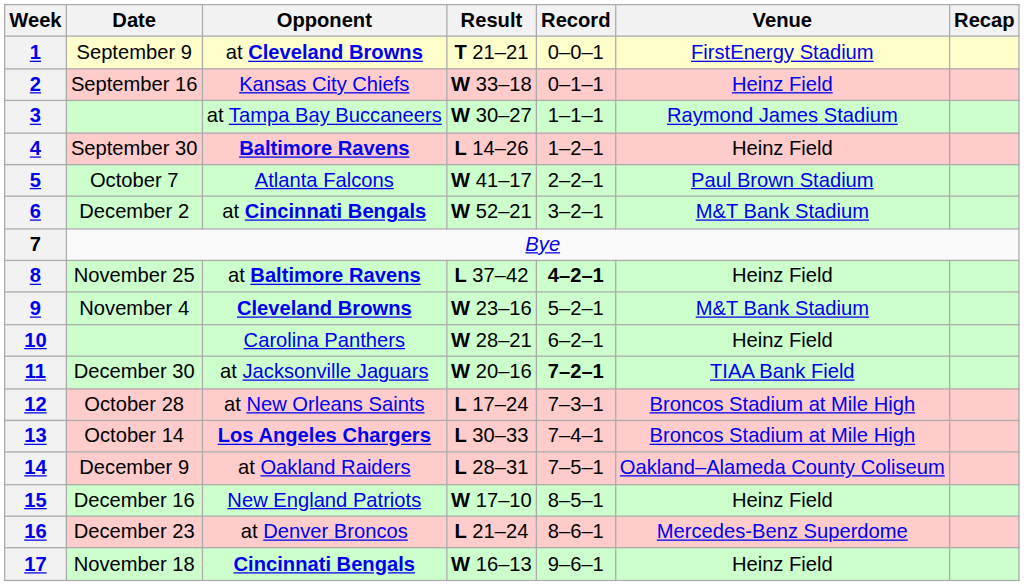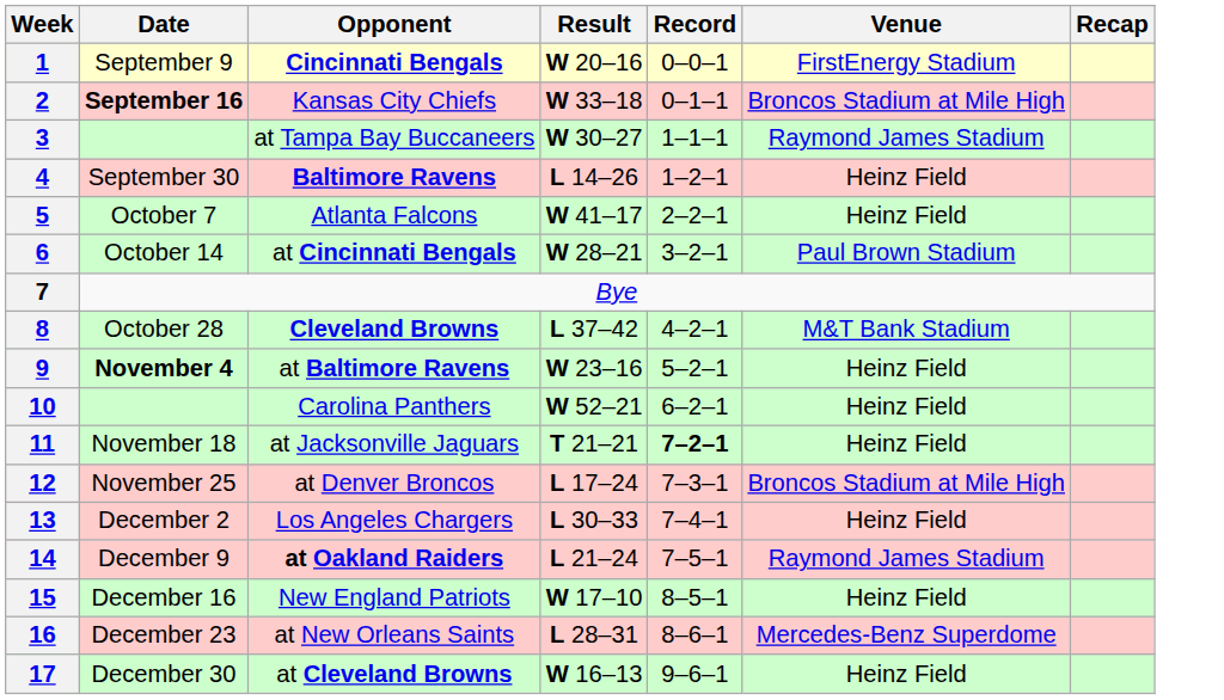 <table class="wikitable" style="text-align:center">
 <tr>
 <th>Week</th>
 <th>Date</th>
 <th>Opponent</th>
 <th>Result</th>
 <th>Record</th>
 <th>Venue</th>
 <th>Recap</th>
 </tr>
 <tr style="background:#ffc">
 <th><a href='#'>1</a></th>
 <td>September 9</td>
-<td>at <strong><a href='#'>Cleveland Browns</a></strong></td>
-<td><strong>T</strong> 21–21 </td>
+<td><strong><a href='#'>Cincinnati Bengals</a></strong></td>
+<td><strong>W</strong> 20–16</td>
 <td>0–0–1</td>
 <td><a href='#'>FirstEnergy Stadium</a></td>
 <td></td>
 </tr>
 <tr style="background:#fcc">
 <th><a href='#'>2</a></th>
-<td>September 16</td>
+<td><strong>September 16</strong></td>
 <td><a href='#'>Kansas City Chiefs</a></td>
 <td><strong>W</strong> 33–18</td>
 <td>0–1–1</td>
-<td><a href='#'>Heinz Field</a></td>
+<td><a href='#'>Broncos Stadium at Mile High</a></td>
 <td></td>
 </tr>
 <tr style="background:#cfc">
 <th><a href='#'>3</a></th>
 <td></td>
 <td>at <a href='#'>Tampa Bay Buccaneers</a></td>
 <td><strong>W</strong> 30–27</td>
 <td>1–1–1</td>
 <td><a href='#'>Raymond James Stadium</a></td>
 <td></td>
 </tr>
 <tr style="background:#fcc">
 <th><a href='#'>4</a></th>
 <td>September 30</td>
 <td><strong><a href='#'>Baltimore Ravens</a></strong></td>
 <td><strong>L</strong> 14–26</td>
 <td>1–2–1</td>
 <td>Heinz Field</td>
 <td></td>
 </tr>
 <tr style="background:#cfc">
 <th><a href='#'>5</a></th>
 <td>October 7</td>
 <td><a href='#'>Atlanta Falcons</a></td>
 <td><strong>W</strong> 41–17</td>
 <td>2–2–1</td>
-<td><a href='#'>Paul Brown Stadium</a></td>
+<td>Heinz Field</td>
 <td></td>
 </tr>
 <tr style="background:#cfc">
 <th><a href='#'>6</a></th>
-<td>December 2</td>
+<td>October 14</td>
 <td>at <strong><a href='#'>Cincinnati Bengals</a></strong></td>
-<td><strong>W</strong> 52–21</td>
+<td><strong>W</strong> 28–21</td>
 <td>3–2–1</td>
-<td><a href='#'>M&T Bank Stadium</a></td>
+<td><a href='#'>Paul Brown Stadium</a></td>
 <td></td>
 </tr>
 <tr>
 <th>7</th>
 <td colspan="6"><em><a href='#'>Bye</a></em></td>
 </tr>
 <tr style="background:#cfc">
 <th><a href='#'>8</a></th>
-<td>November 25</td>
-<td>at <strong><a href='#'>Baltimore Ravens</a></strong></td>
+<td>October 28</td>
+<td><strong><a href='#'>Cleveland Browns</a></strong></td>
 <td><strong>L</strong> 37–42</td>
-<td><strong>4–2–1</strong></td>
-<td>Heinz Field</td>
+<td>4–2–1</td>
+<td><a href='#'>M&T Bank Stadium</a></td>
 <td></td>
 </tr>
 <tr style="background:#cfc">
 <th><a href='#'>9</a></th>
-<td>November 4</td>
-<td><strong><a href='#'>Cleveland Browns</a></strong></td>
+<td><strong>November 4</strong></td>
+<td>at <strong><a href='#'>Baltimore Ravens</a></strong></td>
 <td><strong>W</strong> 23–16</td>
 <td>5–2–1</td>
-<td><a href='#'>M&T Bank Stadium</a></td>
+<td>Heinz Field</td>
 <td></td>
 </tr>
 <tr style="background:#cfc">
 <th><a href='#'>10</a></th>
 <td></td>
 <td><a href='#'>Carolina Panthers</a></td>
-<td><strong>W</strong> 28–21</td>
+<td><strong>W</strong> 52–21</td>
 <td>6–2–1</td>
 <td>Heinz Field</td>
 <td></td>
 </tr>
 <tr style="background:#cfc">
 <th><a href='#'>11</a></th>
-<td>December 30</td>
+<td>November 18</td>
 <td>at <a href='#'>Jacksonville Jaguars</a></td>
-<td><strong>W</strong> 20–16</td>
+<td><strong>T</strong> 21–21 </td>
 <td><strong>7–2–1</strong></td>
-<td><a href='#'>TIAA Bank Field</a></td>
+<td>Heinz Field</td>
 <td></td>
 </tr>
 <tr style="background:#fcc">
 <th><a href='#'>12</a></th>
-<td>October 28</td>
-<td>at <a href='#'>New Orleans Saints</a></td>
+<td>November 25</td>
+<td>at <a href='#'>Denver Broncos</a></td>
 <td><strong>L</strong> 17–24</td>
 <td>7–3–1</td>
 <td><a href='#'>Broncos Stadium at Mile High</a></td>
 <td></td>
 </tr>
 <tr style="background:#fcc">
 <th><a href='#'>13</a></th>
-<td>October 14</td>
-<td><strong><a href='#'>Los Angeles Chargers</a></strong></td>
+<td>December 2</td>
+<td><a href='#'>Los Angeles Chargers</a></td>
 <td><strong>L</strong> 30–33</td>
 <td>7–4–1</td>
-<td><a href='#'>Broncos Stadium at Mile High</a></td>
+<td>Heinz Field</td>
 <td></td>
 </tr>
 <tr style="background:#fcc">
 <th><a href='#'>14</a></th>
 <td>December 9</td>
-<td>at <a href='#'>Oakland Raiders</a></td>
-<td><strong>L</strong> 28–31</td>
+<td><strong>at <a href='#'>Oakland Raiders</a></strong></td>
+<td><strong>L</strong> 21–24</td>
 <td>7–5–1</td>
-<td><a href='#'>Oakland–Alameda County Coliseum</a></td>
+<td><a href='#'>Raymond James Stadium</a></td>
 <td></td>
 </tr>
 <tr style="background:#cfc">
 <th><a href='#'>15</a></th>
 <td>December 16</td>
 <td><a href='#'>New England Patriots</a></td>
 <td><strong>W</strong> 17–10</td>
 <td>8–5–1</td>
 <td>Heinz Field</td>
 <td></td>
 </tr>
 <tr style="background:#fcc">
 <th><a href='#'>16</a></th>
 <td>December 23</td>
-<td>at <a href='#'>Denver Broncos</a></td>
-<td><strong>L</strong> 21–24</td>
+<td>at <a href='#'>New Orleans Saints</a></td>
+<td><strong>L</strong> 28–31</td>
 <td>8–6–1</td>
 <td><a href='#'>Mercedes-Benz Superdome</a></td>
 <td></td>
 </tr>
 <tr style="background:#cfc">
 <th><a href='#'>17</a></th>
-<td>November 18</td>
-<td><strong><a href='#'>Cincinnati Bengals</a></strong></td>
+<td>December 30</td>
+<td>at <strong><a href='#'>Cleveland Browns</a></strong></td>
 <td><strong>W</strong> 16–13</td>
 <td>9–6–1</td>
 <td>Heinz Field</td>
 <td></td>
 </tr>
 </table>
